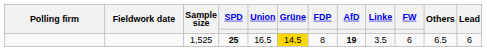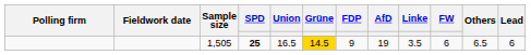 <table class="wikitable sortable mw-datatable mw-collapsible" style="text-align:center;font-size:90%;line-height:14px;">
 <tr style="height:40px;">
 <th style="width:155px;" rowspan="2">Polling firm</th>
 <th style="width:120px;" rowspan="2">Fieldwork date</th>
 <th style="width: 35px;" rowspan="2">Sample<br>size</th>
 <th class="unsortable" style="width:40px;"><a href='#'>SPD</a></th>
 <th class="unsortable" style="width:40px;"><a href='#'>Union</a></th>
 <th class="unsortable" style="width:40px;"><a href='#'>Grüne</a></th>
 <th class="unsortable" style="width:40px;"><a href='#'>FDP</a></th>
 <th class="unsortable" style="width:40px;"><a href='#'>AfD</a></th>
 <th class="unsortable" style="width:40px;"><a href='#'>Linke</a></th>
 <th class="unsortable" style="width:40px;"><a href='#'>FW</a></th>
 <th class="unsortable" style="width:30px;" rowspan="2">Others</th>
 <th style="width:30px;" rowspan="2">Lead</th>
 </tr>
 <tr>
 <th style="background:"></th>
 <th style="background:"></th>
 <th style="background:"></th>
 <th style="background:"></th>
 <th style="background:"></th>
 <th style="background:"></th>
 <th style="background:"></th>
 </tr>
 <tr>
 <td></td>
 <td></td>
-<td>1,525</td>
+<td>1,505</td>
 <td><strong>25</strong></td>
 <td>16.5</td>
 <td style="background: gold;">14.5</td>
-<td>8</td>
-<td><strong>19</strong></td>
+<td>9</td>
+<td>19</td>
 <td>3.5</td>
 <td>6</td>
 <td>6.5</td>
 <td style="background:">6</td>
 </tr>
 </table>
